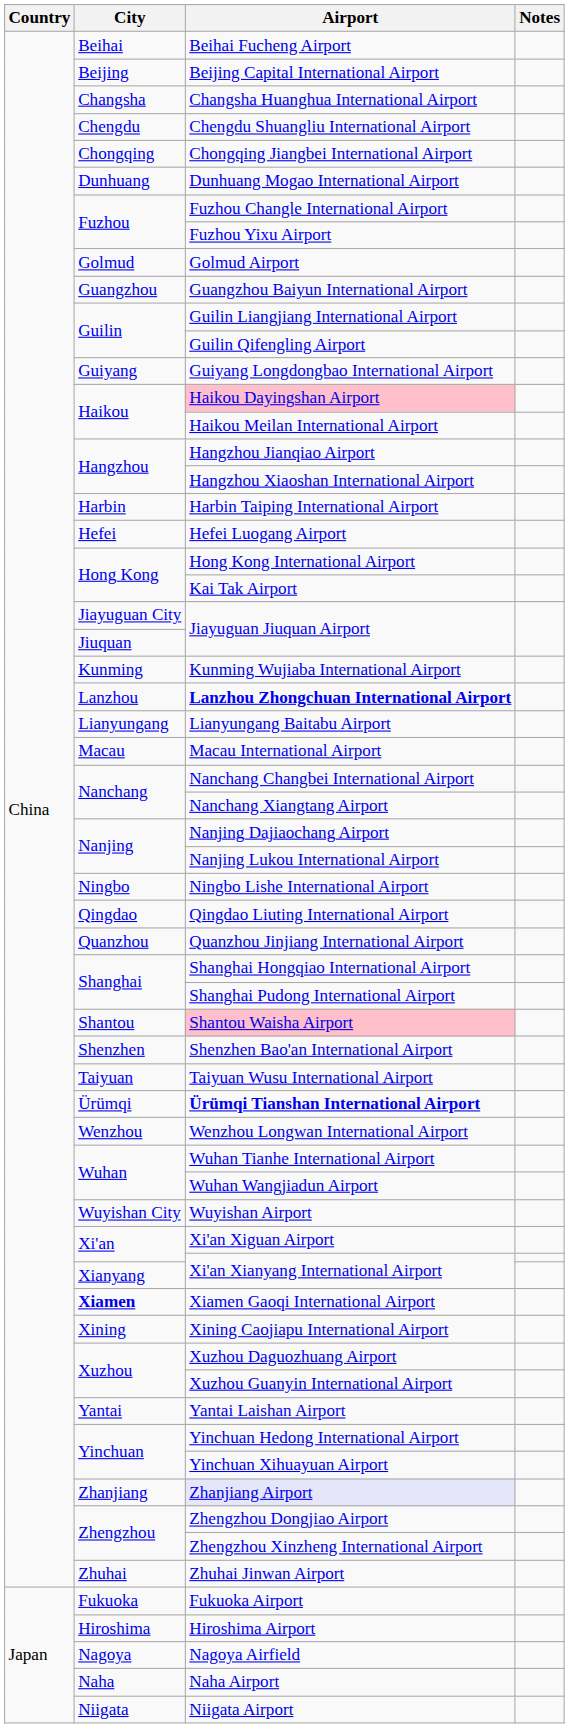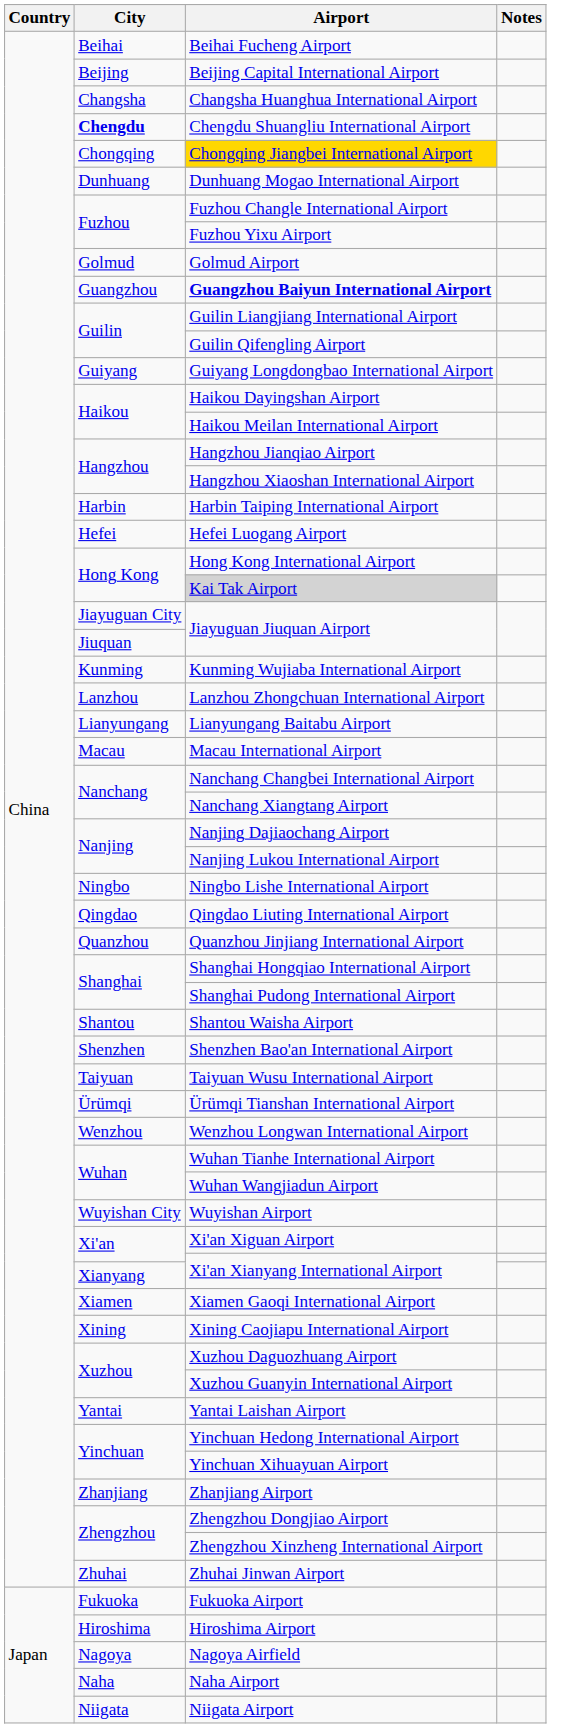 <table class="wikitable sortable collapsible collapsed">
 <tr>
 <th>Country</th>
 <th>City</th>
 <th>Airport</th>
 <th>Notes</th>
 </tr>
 <tr>
 <td rowspan="58">China</td>
 <td><a href='#'>Beihai</a></td>
 <td><a href='#'>Beihai Fucheng Airport</a></td>
 <td></td>
 </tr>
 <tr>
 <td><a href='#'>Beijing</a></td>
 <td><a href='#'>Beijing Capital International Airport</a></td>
 <td></td>
 </tr>
 <tr>
 <td><a href='#'>Changsha</a></td>
 <td><a href='#'>Changsha Huanghua International Airport</a></td>
 <td></td>
 </tr>
 <tr>
-<td><a href='#'>Chengdu</a></td>
+<td><strong><a href='#'>Chengdu</a></strong></td>
 <td><a href='#'>Chengdu Shuangliu International Airport</a></td>
 <td></td>
 </tr>
 <tr>
 <td><a href='#'>Chongqing</a></td>
-<td><a href='#'>Chongqing Jiangbei International Airport</a></td>
+<td style="background: gold;"><a href='#'>Chongqing Jiangbei International Airport</a></td>
 <td></td>
 </tr>
 <tr>
 <td><a href='#'>Dunhuang</a></td>
 <td><a href='#'>Dunhuang Mogao International Airport</a></td>
 <td></td>
 </tr>
 <tr>
 <td rowspan="2"><a href='#'>Fuzhou</a></td>
 <td><a href='#'>Fuzhou Changle International Airport</a></td>
 <td align=center></td>
 </tr>
 <tr>
 <td><a href='#'>Fuzhou Yixu Airport</a></td>
 <td></td>
 </tr>
 <tr>
 <td><a href='#'>Golmud</a></td>
 <td><a href='#'>Golmud Airport</a></td>
 <td></td>
 </tr>
 <tr>
 <td><a href='#'>Guangzhou</a></td>
-<td><a href='#'>Guangzhou Baiyun International Airport</a></td>
+<td><strong><a href='#'>Guangzhou Baiyun International Airport</a></strong></td>
 <td></td>
 </tr>
 <tr>
 <td rowspan="2"><a href='#'>Guilin</a></td>
 <td><a href='#'>Guilin Liangjiang International Airport</a></td>
 <td></td>
 </tr>
 <tr>
 <td><a href='#'>Guilin Qifengling Airport</a></td>
 <td></td>
 </tr>
 <tr>
 <td><a href='#'>Guiyang</a></td>
 <td><a href='#'>Guiyang Longdongbao International Airport</a></td>
 <td></td>
 </tr>
 <tr>
 <td rowspan="2"><a href='#'>Haikou</a></td>
-<td style="background: pink;"><a href='#'>Haikou Dayingshan Airport</a></td>
+<td><a href='#'>Haikou Dayingshan Airport</a></td>
 <td></td>
 </tr>
 <tr>
 <td><a href='#'>Haikou Meilan International Airport</a></td>
 <td></td>
 </tr>
 <tr>
 <td rowspan="2"><a href='#'>Hangzhou</a></td>
 <td><a href='#'>Hangzhou Jianqiao Airport</a></td>
 <td align=center></td>
 </tr>
 <tr>
 <td><a href='#'>Hangzhou Xiaoshan International Airport</a></td>
 <td></td>
 </tr>
 <tr>
 <td><a href='#'>Harbin</a></td>
 <td><a href='#'>Harbin Taiping International Airport</a></td>
 <td></td>
 </tr>
 <tr>
 <td><a href='#'>Hefei</a></td>
 <td><a href='#'>Hefei Luogang Airport</a></td>
 <td></td>
 </tr>
 <tr>
 <td rowspan="2"><a href='#'>Hong Kong</a></td>
 <td><a href='#'>Hong Kong International Airport</a></td>
 <td></td>
 </tr>
 <tr>
-<td><a href='#'>Kai Tak Airport</a></td>
+<td style="background: lightgrey;"><a href='#'>Kai Tak Airport</a></td>
 <td></td>
 </tr>
 <tr>
 <td><a href='#'>Jiayuguan City</a></td>
 <td rowspan="2"><a href='#'>Jiayuguan Jiuquan Airport</a></td>
 <td rowspan="2"></td>
 </tr>
 <tr>
 <td><a href='#'>Jiuquan</a></td>
 </tr>
 <tr>
 <td><a href='#'>Kunming</a></td>
 <td><a href='#'>Kunming Wujiaba International Airport</a></td>
 <td></td>
 </tr>
 <tr>
 <td><a href='#'>Lanzhou</a></td>
-<td><strong><a href='#'>Lanzhou Zhongchuan International Airport</a></strong></td>
+<td><a href='#'>Lanzhou Zhongchuan International Airport</a></td>
 <td></td>
 </tr>
 <tr>
 <td><a href='#'>Lianyungang</a></td>
 <td><a href='#'>Lianyungang Baitabu Airport</a></td>
 <td></td>
 </tr>
 <tr>
 <td><a href='#'>Macau</a></td>
 <td><a href='#'>Macau International Airport</a></td>
 <td></td>
 </tr>
 <tr>
 <td rowspan="2"><a href='#'>Nanchang</a></td>
 <td><a href='#'>Nanchang Changbei International Airport</a></td>
 <td></td>
 </tr>
 <tr>
 <td><a href='#'>Nanchang Xiangtang Airport</a></td>
 <td></td>
 </tr>
 <tr>
 <td rowspan="2"><a href='#'>Nanjing</a></td>
 <td><a href='#'>Nanjing Dajiaochang Airport</a></td>
 <td></td>
 </tr>
 <tr>
 <td><a href='#'>Nanjing Lukou International Airport</a></td>
 <td></td>
 </tr>
 <tr>
 <td><a href='#'>Ningbo</a></td>
 <td><a href='#'>Ningbo Lishe International Airport</a></td>
 <td></td>
 </tr>
 <tr>
 <td><a href='#'>Qingdao</a></td>
 <td><a href='#'>Qingdao Liuting International Airport</a></td>
 <td align=center></td>
 </tr>
 <tr>
 <td><a href='#'>Quanzhou</a></td>
 <td><a href='#'>Quanzhou Jinjiang International Airport</a></td>
 <td></td>
 </tr>
 <tr>
 <td rowspan="2"><a href='#'>Shanghai</a></td>
 <td><a href='#'>Shanghai Hongqiao International Airport</a></td>
 <td></td>
 </tr>
 <tr>
 <td><a href='#'>Shanghai Pudong International Airport</a></td>
 <td align=center></td>
 </tr>
 <tr>
 <td><a href='#'>Shantou</a></td>
-<td style="background: pink;"><a href='#'>Shantou Waisha Airport</a></td>
+<td><a href='#'>Shantou Waisha Airport</a></td>
 <td></td>
 </tr>
 <tr>
 <td><a href='#'>Shenzhen</a></td>
 <td><a href='#'>Shenzhen Bao'an International Airport</a></td>
 <td></td>
 </tr>
 <tr>
 <td><a href='#'>Taiyuan</a></td>
 <td><a href='#'>Taiyuan Wusu International Airport</a></td>
 <td></td>
 </tr>
 <tr>
 <td><a href='#'>Ürümqi</a></td>
-<td><strong><a href='#'>Ürümqi Tianshan International Airport</a></strong></td>
+<td><a href='#'>Ürümqi Tianshan International Airport</a></td>
 <td></td>
 </tr>
 <tr>
 <td><a href='#'>Wenzhou</a></td>
 <td><a href='#'>Wenzhou Longwan International Airport</a></td>
 <td align=center></td>
 </tr>
 <tr>
 <td rowspan="2"><a href='#'>Wuhan</a></td>
 <td><a href='#'>Wuhan Tianhe International Airport</a></td>
 <td></td>
 </tr>
 <tr>
 <td><a href='#'>Wuhan Wangjiadun Airport</a></td>
 <td></td>
 </tr>
 <tr>
 <td><a href='#'>Wuyishan City</a></td>
 <td><a href='#'>Wuyishan Airport</a></td>
 <td></td>
 </tr>
 <tr>
 <td rowspan="2"><a href='#'>Xi'an</a></td>
 <td><a href='#'>Xi'an Xiguan Airport</a></td>
 <td></td>
 </tr>
 <tr>
 <td rowspan="2"><a href='#'>Xi'an Xianyang International Airport</a></td>
 <td></td>
 </tr>
 <tr>
 <td><a href='#'>Xianyang</a></td>
 <td></td>
 </tr>
 <tr>
-<td><strong><a href='#'>Xiamen</a></strong></td>
+<td><a href='#'>Xiamen</a></td>
 <td><a href='#'>Xiamen Gaoqi International Airport</a></td>
 <td></td>
 </tr>
 <tr>
 <td><a href='#'>Xining</a></td>
 <td><a href='#'>Xining Caojiapu International Airport</a></td>
 <td></td>
 </tr>
 <tr>
 <td rowspan="2"><a href='#'>Xuzhou</a></td>
 <td><a href='#'>Xuzhou Daguozhuang Airport</a></td>
 <td></td>
 </tr>
 <tr>
 <td><a href='#'>Xuzhou Guanyin International Airport</a></td>
 <td></td>
 </tr>
 <tr>
 <td><a href='#'>Yantai</a></td>
 <td><a href='#'>Yantai Laishan Airport</a></td>
 <td></td>
 </tr>
 <tr>
 <td rowspan="2"><a href='#'>Yinchuan</a></td>
 <td><a href='#'>Yinchuan Hedong International Airport</a></td>
 <td></td>
 </tr>
 <tr>
 <td><a href='#'>Yinchuan Xihuayuan Airport</a></td>
 <td></td>
 </tr>
 <tr>
 <td><a href='#'>Zhanjiang</a></td>
-<td style="background: lavender;"><a href='#'>Zhanjiang Airport</a></td>
+<td><a href='#'>Zhanjiang Airport</a></td>
 <td></td>
 </tr>
 <tr>
 <td rowspan="2"><a href='#'>Zhengzhou</a></td>
 <td><a href='#'>Zhengzhou Dongjiao Airport</a></td>
 <td></td>
 </tr>
 <tr>
 <td><a href='#'>Zhengzhou Xinzheng International Airport</a></td>
 <td></td>
 </tr>
 <tr>
 <td><a href='#'>Zhuhai</a></td>
 <td><a href='#'>Zhuhai Jinwan Airport</a></td>
 <td></td>
 </tr>
 <tr>
 <td rowspan="5">Japan</td>
 <td><a href='#'>Fukuoka</a></td>
 <td><a href='#'>Fukuoka Airport</a></td>
 <td></td>
 </tr>
 <tr>
 <td><a href='#'>Hiroshima</a></td>
 <td><a href='#'>Hiroshima Airport</a></td>
 <td></td>
 </tr>
 <tr>
 <td><a href='#'>Nagoya</a></td>
 <td><a href='#'>Nagoya Airfield</a></td>
 <td></td>
 </tr>
 <tr>
 <td><a href='#'>Naha</a></td>
 <td><a href='#'>Naha Airport</a></td>
 <td></td>
 </tr>
 <tr>
 <td><a href='#'>Niigata</a></td>
 <td><a href='#'>Niigata Airport</a></td>
 <td></td>
 </tr>
 </table>
